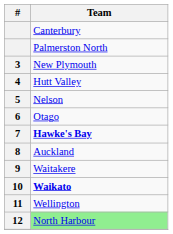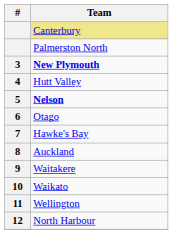 <table class="wikitable" width="15%" style="font-size:95%; text-align:center">
 <tr>
 <th>#</th>
 <th>Team</th>
 </tr>
 <tr>
 <th></th>
-<td align=left><a href='#'>Canterbury</a></td>
+<td align=left style="background: khaki;"><a href='#'>Canterbury</a></td>
 </tr>
 <tr>
 <th></th>
 <td align=left><a href='#'>Palmerston North</a></td>
 </tr>
 <tr>
 <th>3</th>
-<td align=left><a href='#'>New Plymouth</a></td>
+<td align=left><strong><a href='#'>New Plymouth</a></strong></td>
 </tr>
 <tr>
 <th>4</th>
 <td align=left><a href='#'>Hutt Valley</a></td>
 </tr>
 <tr>
 <th>5</th>
-<td align=left><a href='#'>Nelson</a></td>
+<td align=left><strong><a href='#'>Nelson</a></strong></td>
 </tr>
 <tr>
 <th>6</th>
 <td align=left><a href='#'>Otago</a></td>
 </tr>
 <tr>
 <th>7</th>
-<td align=left><strong><a href='#'>Hawke's Bay</a></strong></td>
+<td align=left><a href='#'>Hawke's Bay</a></td>
 </tr>
 <tr>
 <th>8</th>
 <td align=left><a href='#'>Auckland</a></td>
 </tr>
 <tr>
 <th>9</th>
 <td align=left><a href='#'>Waitakere</a></td>
 </tr>
 <tr>
 <th>10</th>
-<td align=left><strong><a href='#'>Waikato</a></strong></td>
+<td align=left><a href='#'>Waikato</a></td>
 </tr>
 <tr>
 <th>11</th>
 <td align=left><a href='#'>Wellington</a></td>
 </tr>
 <tr>
 <th>12</th>
-<td align=left style="background: lightgreen;"><a href='#'>North Harbour</a></td>
+<td align=left><a href='#'>North Harbour</a></td>
 </tr>
 <tr>
 </tr>
 </table>
